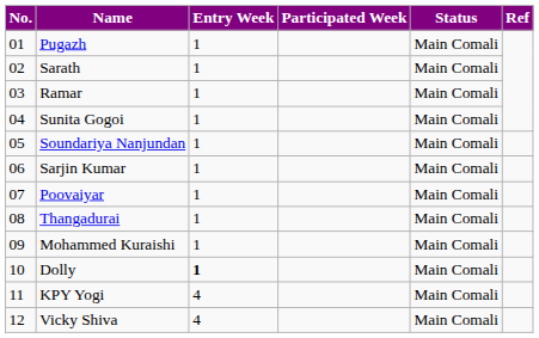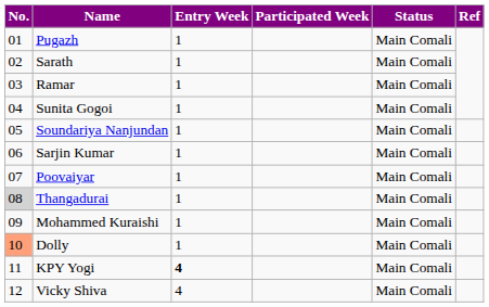 <table class="wikitable" style="align:center;">
 <tr>
 <th scope="col" style="background:Purple;color:white">No.</th>
 <th scope="col" style="background:Purple;color:white">Name</th>
 <th scope="col" style="background:Purple;color:white">Entry Week</th>
 <th scope="col" style="background:Purple;color:white">Participated Week</th>
 <th scope="col" style="background:Purple;color:white">Status</th>
 <th scope="col" style="background:Purple;color:white">Ref</th>
 </tr>
 <tr>
 <td>01</td>
 <td><a href='#'>Pugazh</a></td>
 <td>1</td>
 <td></td>
 <td>Main Comali</td>
 <td rowspan=4></td>
 </tr>
 <tr>
 <td>02</td>
 <td>Sarath</td>
 <td>1</td>
 <td></td>
 <td>Main Comali</td>
 </tr>
 <tr>
 <td>03</td>
 <td>Ramar</td>
 <td>1</td>
 <td></td>
 <td>Main Comali</td>
 </tr>
 <tr>
 <td>04</td>
 <td>Sunita Gogoi</td>
 <td>1</td>
 <td></td>
 <td>Main Comali</td>
 </tr>
 <tr>
 <td>05</td>
 <td><a href='#'>Soundariya Nanjundan</a></td>
 <td>1</td>
 <td></td>
 <td>Main Comali</td>
 <td></td>
 </tr>
 <tr>
 <td>06</td>
 <td>Sarjin Kumar</td>
 <td>1</td>
 <td></td>
 <td>Main Comali</td>
 <td></td>
 </tr>
 <tr>
 <td>07</td>
 <td><a href='#'>Poovaiyar</a></td>
 <td>1</td>
 <td></td>
 <td>Main Comali</td>
 <td></td>
 </tr>
 <tr>
-<td>08</td>
+<td style="background: lightgrey;">08</td>
 <td><a href='#'>Thangadurai</a></td>
 <td>1</td>
 <td></td>
 <td>Main Comali</td>
 <td></td>
 </tr>
 <tr>
 <td>09</td>
 <td>Mohammed Kuraishi</td>
 <td>1</td>
 <td></td>
 <td>Main Comali</td>
 <td></td>
 </tr>
 <tr>
-<td>10</td>
+<td style="background: lightsalmon;">10</td>
 <td>Dolly</td>
-<td><strong>1</strong></td>
+<td>1</td>
 <td></td>
 <td>Main Comali</td>
 <td></td>
 </tr>
 <tr>
 <td>11</td>
 <td>KPY Yogi</td>
-<td>4</td>
+<td><strong>4</strong></td>
 <td></td>
 <td>Main Comali</td>
 <td></td>
 </tr>
 <tr>
 <td>12</td>
 <td>Vicky Shiva</td>
 <td>4</td>
 <td></td>
 <td>Main Comali</td>
 <td></td>
 </tr>
 </table>
